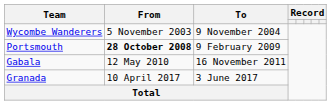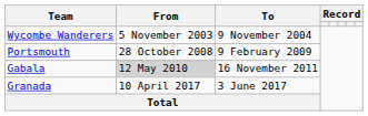 <table class="wikitable" style="text-align: center">
 <tr>
 <th rowspan="2" scope="col">Team</th>
 <th rowspan="2" scope="col">From</th>
 <th rowspan="2" scope="col">To</th>
 <th colspan="5" scope="colgroup">Record</th>
 </tr>
 <tr>
 <th scope="col"></th>
 <th scope="col"></th>
 <th scope="col"></th>
 <th scope="col"></th>
 <th scope="col"></th>
 </tr>
 <tr>
 <td scope="row" align="left"><a href='#'>Wycombe Wanderers</a></td>
 <td align="left">5 November 2003</td>
 <td align="left">9 November 2004<br></td>
 </tr>
 <tr>
 <td scope="row" align="left"><a href='#'>Portsmouth</a></td>
-<td align="left"><strong>28 October 2008</strong></td>
+<td align="left">28 October 2008</td>
 <td align="left">9 February 2009<br></td>
 </tr>
 <tr>
 <td scope="row" align="left"><a href='#'>Gabala</a></td>
-<td align="left">12 May 2010</td>
+<td align="left" style="background: lightgrey;">12 May 2010</td>
 <td align="left">16 November 2011<br></td>
 </tr>
 <tr>
 <td scope="row" align="left"><a href='#'>Granada</a></td>
 <td align="left">10 April 2017</td>
 <td align="left">3 June 2017<br></td>
 </tr>
 <tr>
 <th colspan="3" scope="row">Total<br></th>
 </tr>
 </table>
